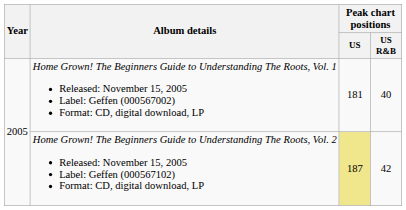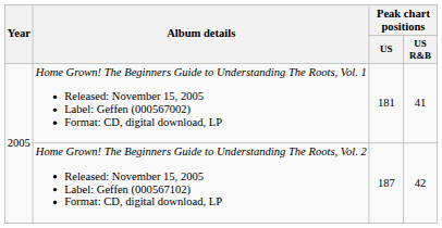 <table class="wikitable" border="1">
 <tr>
 <th rowspan="2">Year</th>
 <th rowspan="2">Album details</th>
 <th colspan="2">Peak chart positions</th>
 </tr>
 <tr>
 <th style="width:3em;font-size:85%;">US<br></th>
 <th style="width:3em;font-size:85%;">US<br>R&B<br></th>
 </tr>
 <tr>
 <td rowspan="2">2005</td>
 <td align="left"><em>Home Grown! The Beginners Guide to Understanding The Roots, Vol. 1</em><br><ul><li>Released: November 15, 2005</li><li>Label: Geffen (000567002)</li><li>Format: CD, digital download, LP</li></ul></td>
 <td align="center">181</td>
-<td align="center">40</td>
+<td align="center">41</td>
 </tr>
 <tr>
 <td align="left"><em>Home Grown! The Beginners Guide to Understanding The Roots, Vol. 2</em><br><ul><li>Released: November 15, 2005</li><li>Label: Geffen (000567102)</li><li>Format: CD, digital download, LP</li></ul></td>
-<td align="center" style="background: khaki;">187</td>
+<td align="center">187</td>
 <td align="center">42</td>
 </tr>
 </table>
